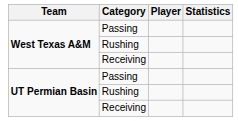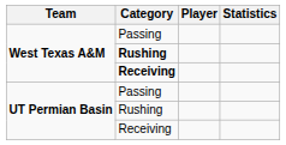 <table class="wikitable" style="float: right;">
 <tr>
 <th>Team</th>
 <th>Category</th>
 <th>Player</th>
 <th>Statistics</th>
 </tr>
 <tr>
 <td rowspan=3><strong>West Texas A&M</strong></td>
 <td>Passing</td>
 <td></td>
 <td></td>
 </tr>
 <tr>
-<td>Rushing</td>
+<td><strong>Rushing</strong></td>
 <td></td>
 <td></td>
 </tr>
 <tr>
-<td>Receiving</td>
+<td><strong>Receiving</strong></td>
 <td></td>
 <td></td>
 </tr>
 <tr>
 <td rowspan=3><strong>UT Permian Basin</strong></td>
 <td>Passing</td>
 <td></td>
 <td></td>
 </tr>
 <tr>
 <td>Rushing</td>
 <td></td>
 <td></td>
 </tr>
 <tr>
 <td>Receiving</td>
 <td></td>
 <td></td>
 </tr>
 </table>
